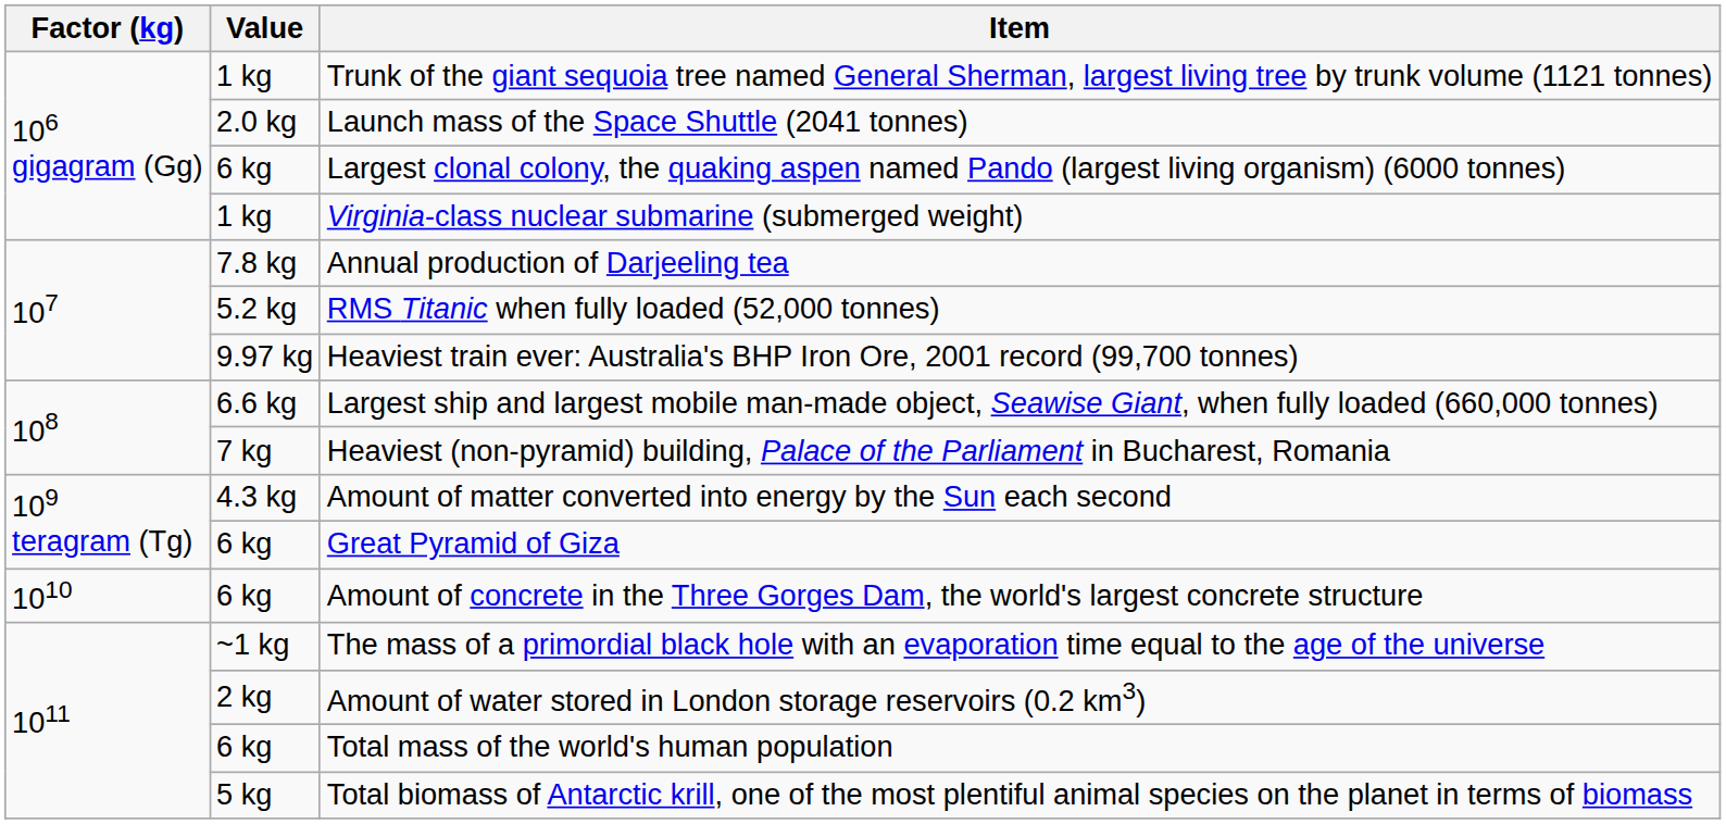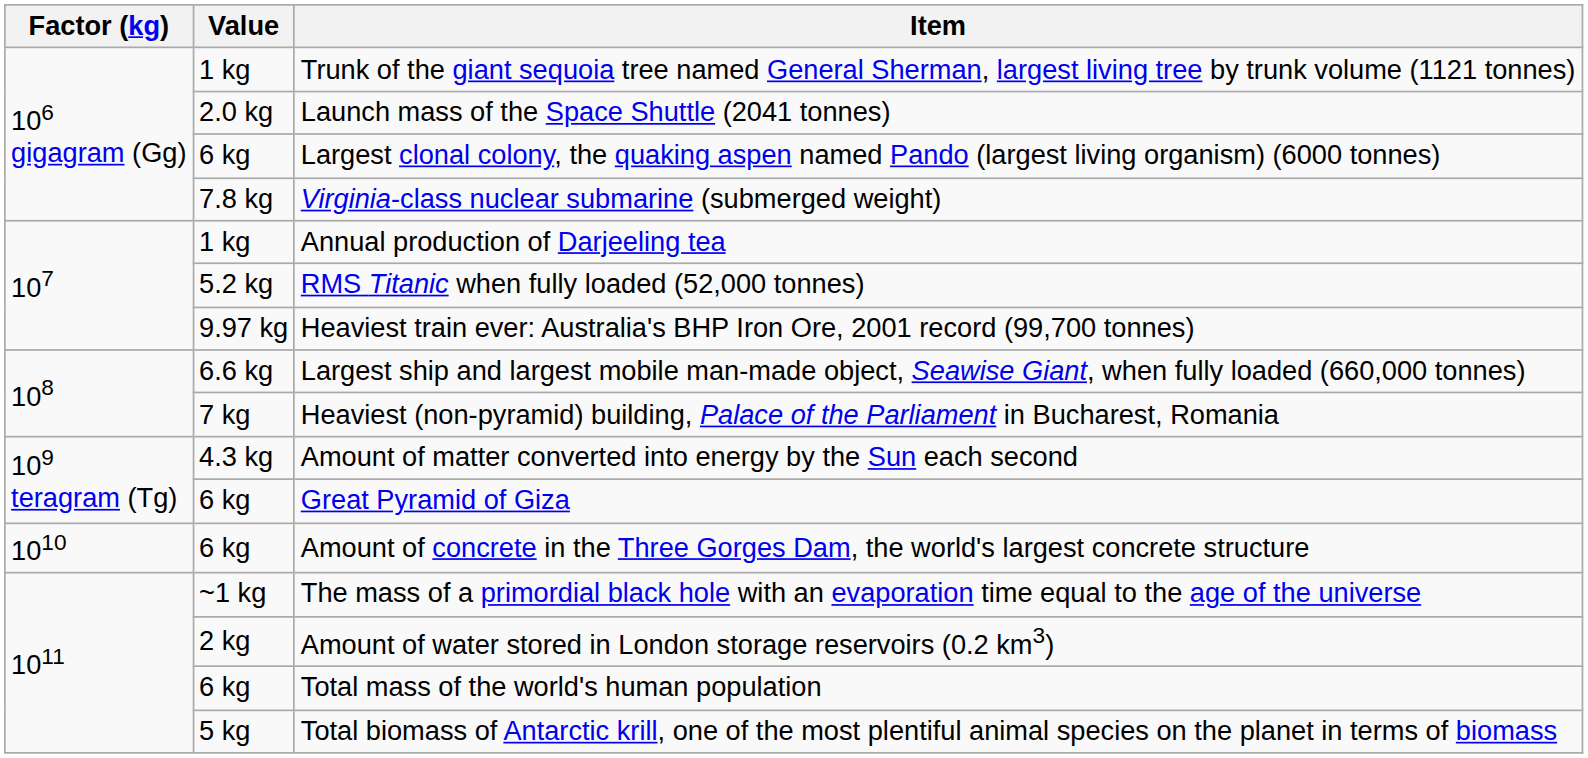 <table class="wikitable">
 <tr>
 <th>Factor (<a href='#'>kg</a>)</th>
 <th>Value</th>
 <th>Item</th>
 </tr>
 <tr>
 <td rowspan=4>10<sup>6</sup><br><a href='#'>gigagram</a> (Gg)</td>
 <td>1 kg</td>
 <td>Trunk of the <a href='#'>giant sequoia</a> tree named <a href='#'>General Sherman</a>, <a href='#'>largest living tree</a> by trunk volume (1121 tonnes)</td>
 </tr>
 <tr>
 <td>2.0 kg</td>
 <td>Launch mass of the <a href='#'>Space Shuttle</a> (2041 tonnes)</td>
 </tr>
 <tr>
 <td>6 kg</td>
 <td>Largest <a href='#'>clonal colony</a>, the <a href='#'>quaking aspen</a> named <a href='#'>Pando</a> (largest living organism) (6000 tonnes)</td>
 </tr>
 <tr>
-<td>1 kg</td>
+<td>7.8 kg</td>
 <td><a href='#'><em>Virginia</em>-class nuclear submarine</a> (submerged weight)</td>
 </tr>
 <tr>
 <td rowspan=3>10<sup>7</sup></td>
-<td>7.8 kg</td>
+<td>1 kg</td>
 <td>Annual production of <a href='#'>Darjeeling tea</a></td>
 </tr>
 <tr>
 <td>5.2 kg</td>
 <td><a href='#'>RMS <em>Titanic</em></a> when fully loaded (52,000 tonnes)</td>
 </tr>
 <tr>
 <td>9.97 kg</td>
 <td>Heaviest train ever: Australia's BHP Iron Ore, 2001 record (99,700 tonnes)</td>
 </tr>
 <tr>
 <td rowspan=2>10<sup>8</sup></td>
 <td>6.6 kg</td>
 <td>Largest ship and largest mobile man-made object, <em><a href='#'>Seawise Giant</a></em>, when fully loaded (660,000 tonnes)</td>
 </tr>
 <tr>
 <td>7 kg</td>
 <td>Heaviest (non-pyramid) building, <em><a href='#'>Palace of the Parliament</a></em> in Bucharest, Romania</td>
 </tr>
 <tr>
 <td rowspan=2>10<sup>9</sup><br><a href='#'>teragram</a> (Tg)</td>
 <td>4.3 kg</td>
 <td>Amount of matter converted into energy by the <a href='#'>Sun</a> each second</td>
 </tr>
 <tr>
 <td>6 kg</td>
 <td><a href='#'>Great Pyramid of Giza</a></td>
 </tr>
 <tr>
 <td><div>10<sup>10</sup></div></td>
 <td>6 kg</td>
 <td>Amount of <a href='#'>concrete</a> in the <a href='#'>Three Gorges Dam</a>, the world's largest concrete structure</td>
 </tr>
 <tr>
 <td rowspan=4>10<sup>11</sup></td>
 <td>~1 kg</td>
 <td>The mass of a <a href='#'>primordial black hole</a> with an <a href='#'>evaporation</a> time equal to the <a href='#'>age of the universe</a></td>
 </tr>
 <tr>
 <td>2 kg</td>
 <td>Amount of water stored in London storage reservoirs (0.2 km<sup>3</sup>)</td>
 </tr>
 <tr>
 <td>6 kg</td>
 <td>Total mass of the world's human population</td>
 </tr>
 <tr>
 <td>5 kg</td>
 <td>Total biomass of <a href='#'>Antarctic krill</a>, one of the most plentiful animal species on the planet in terms of <a href='#'>biomass</a></td>
 </tr>
 </table>
